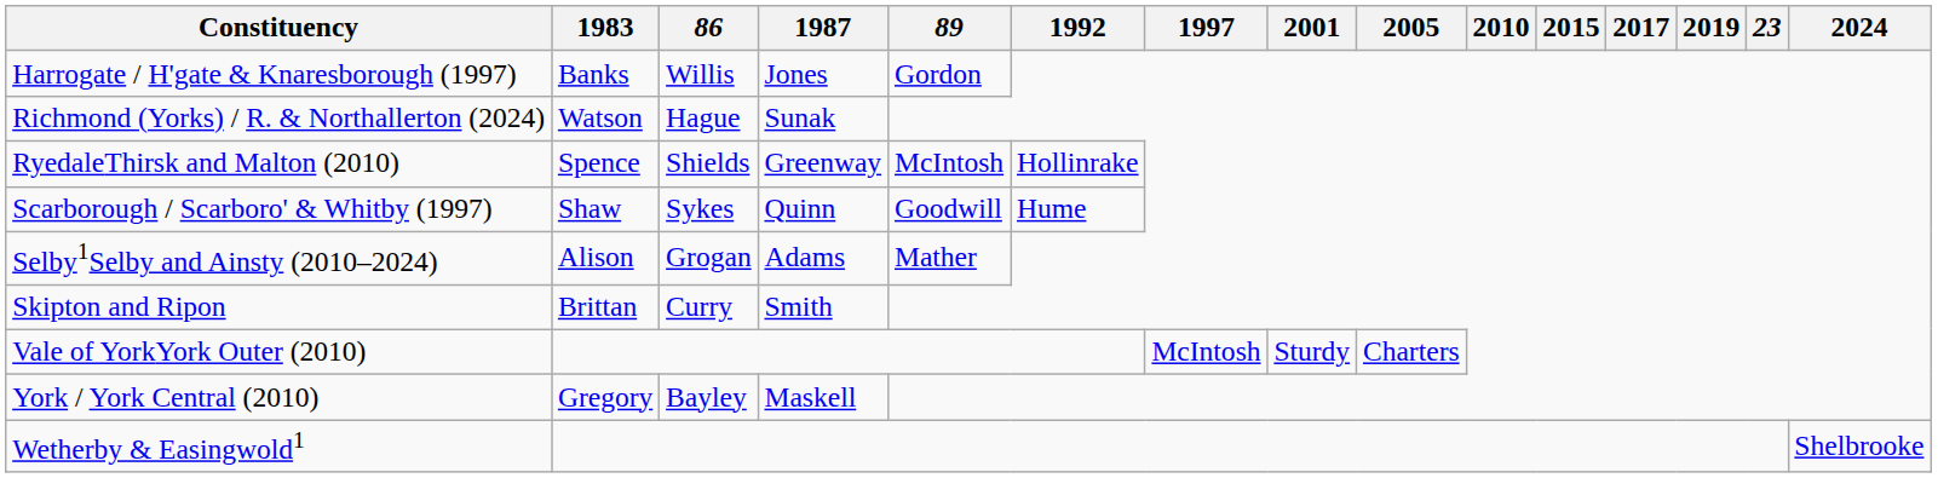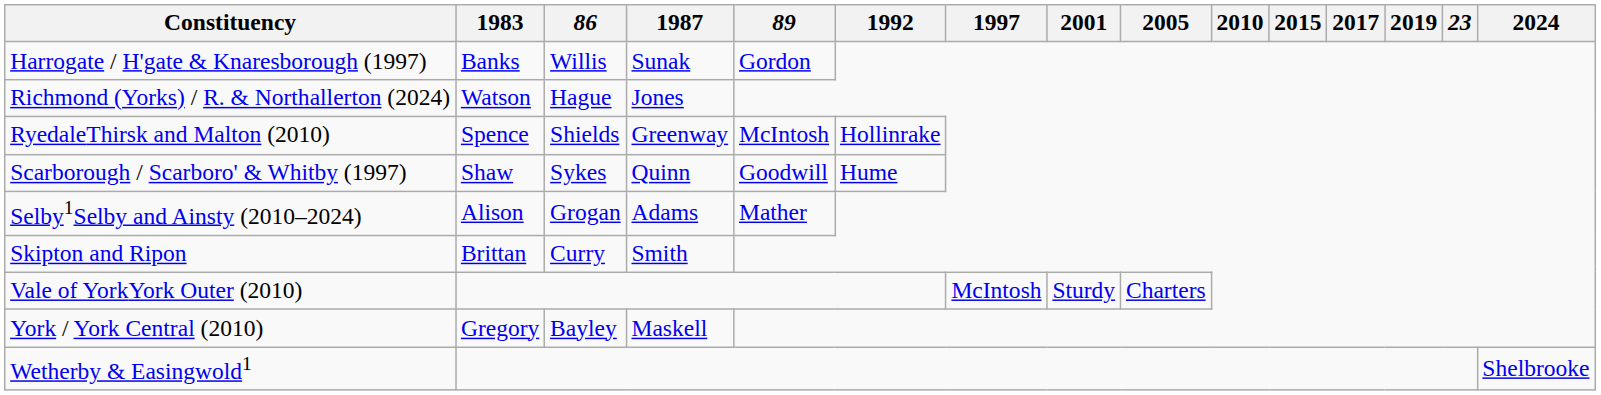 <table class="wikitable">
 <tr>
 <th>Constituency</th>
 <th>1983</th>
 <th><em>86</em></th>
 <th>1987</th>
 <th><em>89</em></th>
 <th>1992</th>
 <th>1997</th>
 <th>2001</th>
 <th>2005</th>
 <th>2010</th>
 <th>2015</th>
 <th>2017</th>
 <th>2019</th>
 <th><em>23</em></th>
 <th>2024</th>
 </tr>
 <tr>
 <td><a href='#'>Harrogate</a> / <a href='#'>H'gate & Knaresborough</a> (1997)</td>
 <td><a href='#'>Banks</a></td>
 <td><a href='#'>Willis</a></td>
-<td><a href='#'>Jones</a></td>
+<td><a href='#'>Sunak</a></td>
 <td><a href='#'>Gordon</a></td>
 </tr>
 <tr>
 <td><a href='#'>Richmond (Yorks)</a> / <a href='#'>R. & Northallerton</a> (2024)</td>
 <td><a href='#'>Watson</a></td>
 <td><a href='#'>Hague</a></td>
-<td><a href='#'>Sunak</a></td>
+<td><a href='#'>Jones</a></td>
 </tr>
 <tr>
 <td><a href='#'>Ryedale</a><a href='#'>Thirsk and Malton</a> (2010)</td>
 <td><a href='#'>Spence</a></td>
 <td><a href='#'>Shields</a></td>
 <td><a href='#'>Greenway</a></td>
 <td><a href='#'>McIntosh</a></td>
 <td><a href='#'>Hollinrake</a></td>
 </tr>
 <tr>
 <td><a href='#'>Scarborough</a> / <a href='#'>Scarboro' & Whitby</a> (1997)</td>
 <td><a href='#'>Shaw</a></td>
 <td><a href='#'>Sykes</a></td>
 <td><a href='#'>Quinn</a></td>
 <td><a href='#'>Goodwill</a></td>
 <td><a href='#'>Hume</a></td>
 </tr>
 <tr>
 <td><a href='#'>Selby</a><sup>1</sup><a href='#'>Selby and Ainsty</a> (2010–2024)</td>
 <td><a href='#'>Alison</a></td>
 <td><a href='#'>Grogan</a></td>
 <td><a href='#'>Adams</a></td>
 <td><a href='#'>Mather</a></td>
 </tr>
 <tr>
 <td><a href='#'>Skipton and Ripon</a></td>
 <td><a href='#'>Brittan</a></td>
 <td><a href='#'>Curry</a></td>
 <td><a href='#'>Smith</a></td>
 </tr>
 <tr>
 <td><a href='#'>Vale of York</a><a href='#'>York Outer</a> (2010)</td>
 <td colspan="5"></td>
 <td><a href='#'>McIntosh</a></td>
 <td><a href='#'>Sturdy</a></td>
 <td><a href='#'>Charters</a></td>
 </tr>
 <tr>
 <td><a href='#'>York</a> / <a href='#'>York Central</a> (2010)</td>
 <td><a href='#'>Gregory</a></td>
 <td><a href='#'>Bayley</a></td>
 <td><a href='#'>Maskell</a></td>
 </tr>
 <tr>
 <td><a href='#'>Wetherby & Easingwold</a><sup>1</sup></td>
 <td colspan="13"></td>
 <td><a href='#'>Shelbrooke</a></td>
 </tr>
 </table>
